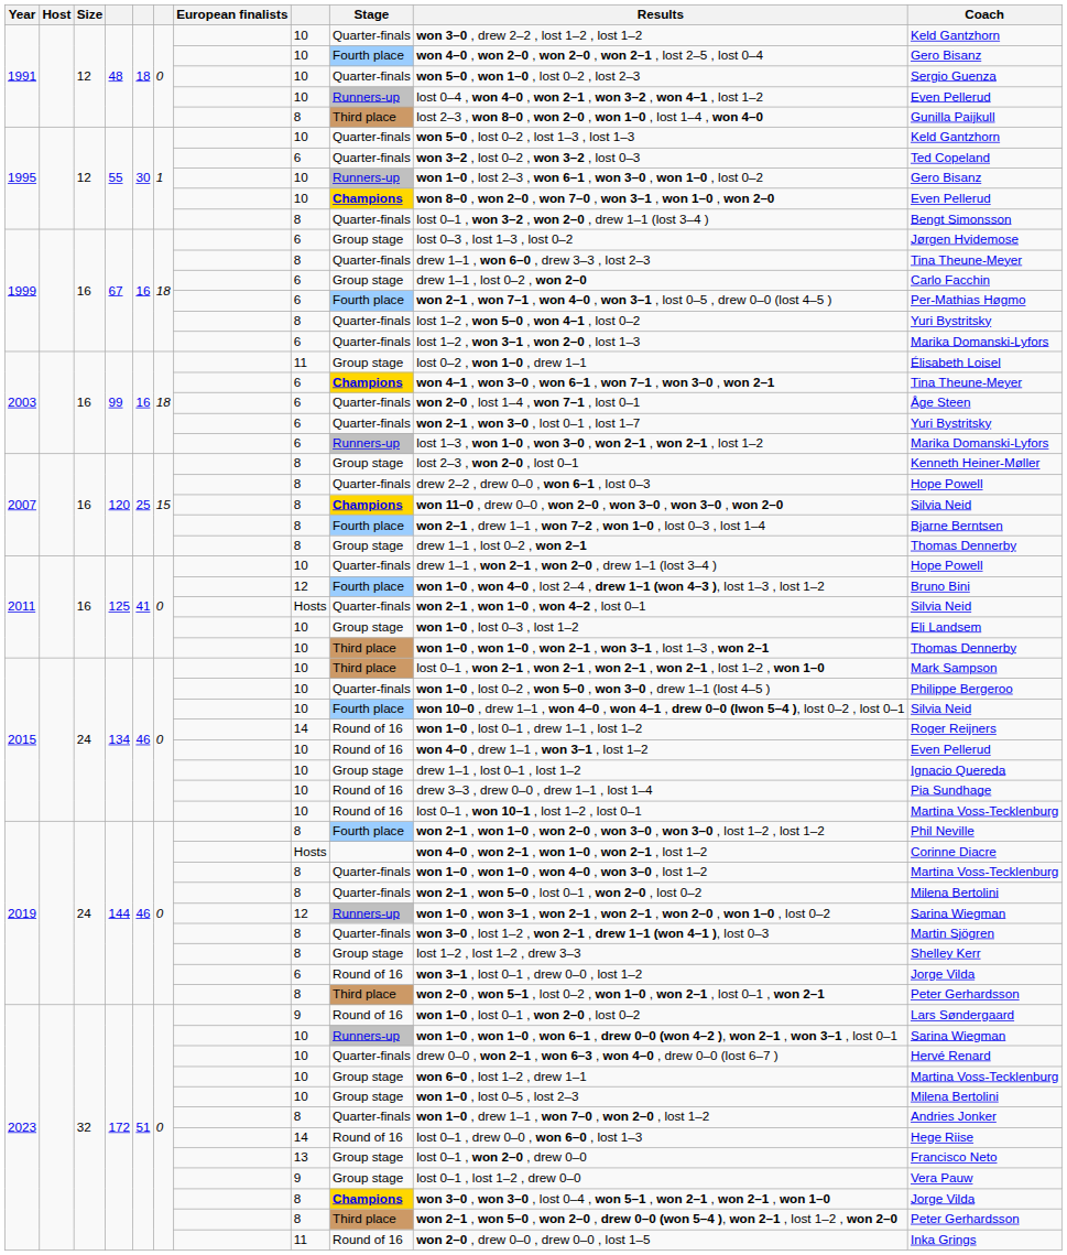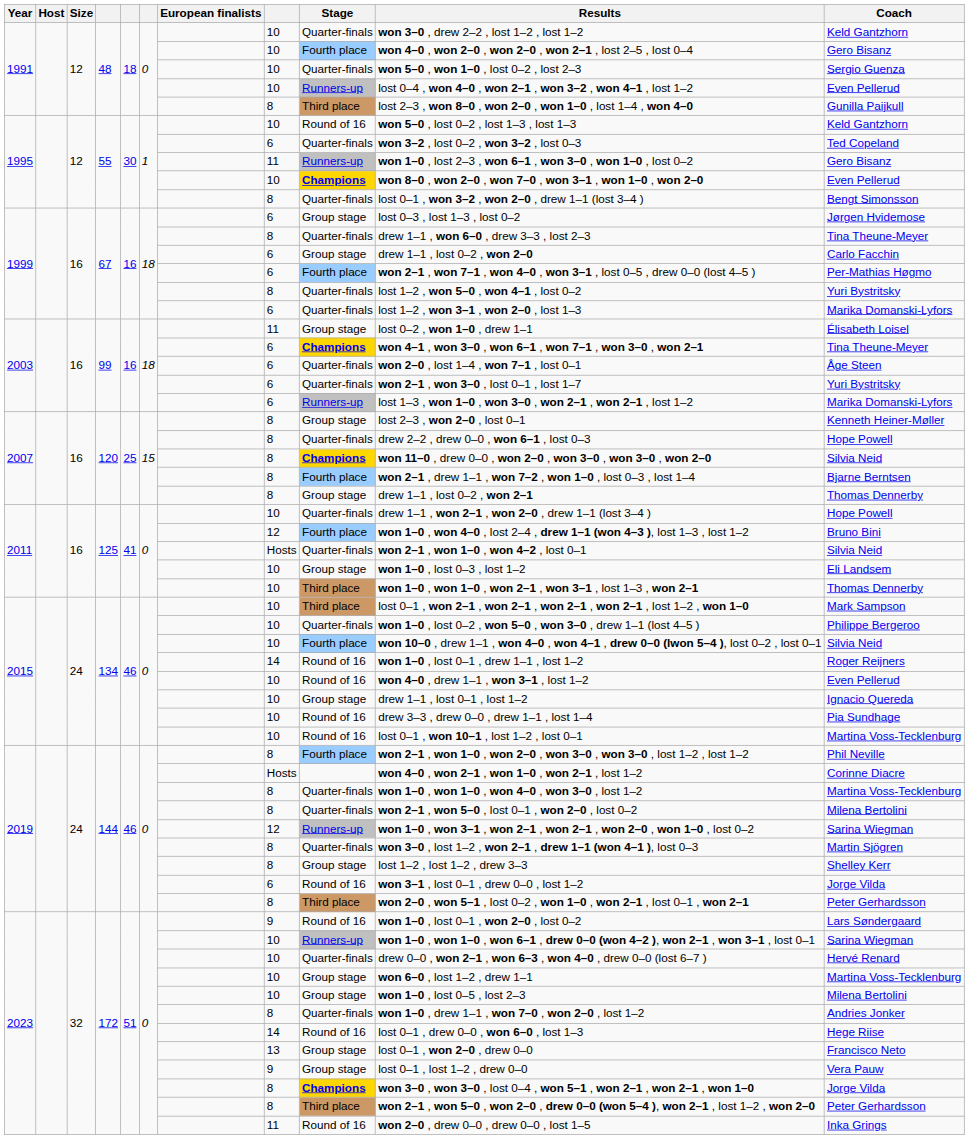 <table class="wikitable sortable"px solid black" cellpadding="2">
 <tr>
 <th>Year</th>
 <th>Host</th>
 <th>Size</th>
 <th></th>
 <th></th>
 <th></th>
 <th>European finalists</th>
 <th></th>
 <th>Stage</th>
 <th>Results</th>
 <th>Coach</th>
 </tr>
 <tr>
 <td rowspan=5><a href='#'>1991</a></td>
 <td rowspan=5><strong></strong></td>
 <td rowspan=5>12</td>
 <td rowspan=5><a href='#'>48</a></td>
 <td rowspan=5><a href='#'>18</a></td>
 <td rowspan=5><em>0</em></td>
 <td></td>
 <td>10</td>
 <td>Quarter-finals</td>
 <td><strong>won 3–0 </strong>, drew 2–2 , lost 1–2 , lost 1–2  </td>
 <td> <a href='#'>Keld Gantzhorn</a></td>
 </tr>
 <tr>
 <td></td>
 <td>10</td>
 <td bgcolor=#9acdff>Fourth place</td>
 <td><strong>won 4–0 </strong>, <strong>won 2–0 </strong>, <strong>won 2–0 </strong>, <strong>won 2–1  </strong>, lost 2–5 , lost 0–4 </td>
 <td> <a href='#'>Gero Bisanz</a></td>
 </tr>
 <tr>
 <td></td>
 <td>10</td>
 <td>Quarter-finals</td>
 <td><strong>won 5–0 </strong>, <strong>won 1–0 </strong>, lost 0–2 , lost 2–3  </td>
 <td> <a href='#'>Sergio Guenza</a></td>
 </tr>
 <tr>
 <td></td>
 <td>10</td>
 <td bgcolor=silver><a href='#'>Runners-up</a></td>
 <td>lost 0–4 , <strong>won 4–0 </strong>, <strong>won 2–1 </strong>, <strong>won 3–2  </strong>, <strong>won 4–1 </strong>, lost 1–2 </td>
 <td> <a href='#'>Even Pellerud</a></td>
 </tr>
 <tr>
 <td></td>
 <td>8</td>
 <td bgcolor=#cc9966>Third place</td>
 <td>lost 2–3 , <strong>won 8–0 </strong>, <strong>won 2–0 </strong>, <strong>won 1–0 </strong>, lost 1–4 , <strong>won 4–0 </strong></td>
 <td> <a href='#'>Gunilla Paijkull</a></td>
 </tr>
 <tr>
 <td rowspan=5><a href='#'>1995</a></td>
 <td rowspan=5><strong></strong></td>
 <td rowspan=5>12</td>
 <td rowspan=5><a href='#'>55</a></td>
 <td rowspan=5><a href='#'>30</a></td>
 <td rowspan=5><em>1</em></td>
 <td></td>
 <td>10</td>
-<td>Quarter-finals</td>
+<td>Round of 16</td>
 <td><strong>won 5–0 </strong>, lost 0–2 , lost 1–3 , lost 1–3 </td>
 <td> <a href='#'>Keld Gantzhorn</a></td>
 </tr>
 <tr>
 <td></td>
 <td>6</td>
 <td>Quarter-finals</td>
 <td><strong>won 3–2 </strong>, lost 0–2 , <strong>won 3–2 </strong>, lost 0–3 </td>
 <td> <a href='#'>Ted Copeland</a></td>
 </tr>
 <tr>
 <td></td>
-<td>10</td>
+<td>11</td>
 <td bgcolor=silver><a href='#'>Runners-up</a></td>
 <td><strong>won 1–0 </strong>, lost 2–3 , <strong>won 6–1 </strong>, <strong>won 3–0 </strong>, <strong>won 1–0 </strong>, lost 0–2 </td>
 <td> <a href='#'>Gero Bisanz</a></td>
 </tr>
 <tr>
 <td></td>
 <td>10</td>
 <td bgcolor=gold><strong><a href='#'>Champions</a></strong></td>
 <td><strong>won 8–0 </strong>, <strong>won 2–0 </strong>, <strong>won 7–0 </strong>, <strong>won 3–1 </strong>, <strong>won 1–0 </strong>, <strong>won 2–0 </strong></td>
 <td> <a href='#'>Even Pellerud</a></td>
 </tr>
 <tr>
 <td></td>
 <td>8</td>
 <td>Quarter-finals</td>
 <td>lost 0–1 , <strong>won 3–2 </strong>, <strong>won 2–0 </strong>, drew 1–1  (lost 3–4 )</td>
 <td> <a href='#'>Bengt Simonsson</a></td>
 </tr>
 <tr>
 <td rowspan=6><a href='#'>1999</a></td>
 <td rowspan=6><strong></strong></td>
 <td rowspan=6>16</td>
 <td rowspan=6><a href='#'>67</a></td>
 <td rowspan=6><a href='#'>16</a></td>
 <td rowspan=6><em>18</em></td>
 <td></td>
 <td>6</td>
 <td>Group stage</td>
 <td>lost 0–3 , lost 1–3 , lost 0–2 </td>
 <td> <a href='#'>Jørgen Hvidemose</a></td>
 </tr>
 <tr>
 <td></td>
 <td>8</td>
 <td>Quarter-finals</td>
 <td>drew 1–1 , <strong>won 6–0 </strong>, drew 3–3 , lost 2–3 </td>
 <td> <a href='#'>Tina Theune-Meyer</a></td>
 </tr>
 <tr>
 <td></td>
 <td>6</td>
 <td>Group stage</td>
 <td>drew 1–1 , lost 0–2 , <strong>won 2–0 </strong></td>
 <td> <a href='#'>Carlo Facchin</a></td>
 </tr>
 <tr>
 <td></td>
 <td>6</td>
 <td bgcolor=#9acdff>Fourth place</td>
 <td><strong>won 2–1 </strong>, <strong>won 7–1 </strong>, <strong>won 4–0 </strong>, <strong>won 3–1 </strong>, lost 0–5 , drew 0–0  (lost 4–5 )</td>
 <td> <a href='#'>Per-Mathias Høgmo</a></td>
 </tr>
 <tr>
 <td></td>
 <td>8</td>
 <td>Quarter-finals</td>
 <td>lost 1–2 , <strong>won 5–0 </strong>, <strong>won 4–1 </strong>, lost 0–2 </td>
 <td> <a href='#'>Yuri Bystritsky</a></td>
 </tr>
 <tr>
 <td></td>
 <td>6</td>
 <td>Quarter-finals</td>
 <td>lost 1–2 , <strong>won 3–1 </strong>, <strong>won 2–0 </strong>, lost 1–3 </td>
 <td> <a href='#'>Marika Domanski-Lyfors</a></td>
 </tr>
 <tr>
 <td rowspan=5><a href='#'>2003</a></td>
 <td rowspan=5><strong></strong></td>
 <td rowspan=5>16</td>
 <td rowspan=5><a href='#'>99</a></td>
 <td rowspan=5><a href='#'>16</a></td>
 <td rowspan=5><em>18</em></td>
 <td></td>
 <td>11</td>
 <td>Group stage</td>
 <td>lost 0–2 , <strong>won 1–0 </strong>, drew 1–1 </td>
 <td> <a href='#'>Élisabeth Loisel</a></td>
 </tr>
 <tr>
 <td></td>
 <td>6</td>
 <td bgcolor=gold><strong><a href='#'>Champions</a></strong></td>
 <td><strong>won 4–1 </strong>, <strong>won 3–0 </strong>, <strong>won 6–1 </strong>, <strong>won 7–1 </strong>, <strong>won 3–0 </strong>, <strong>won 2–1  </strong></td>
 <td> <a href='#'>Tina Theune-Meyer</a></td>
 </tr>
 <tr>
 <td></td>
 <td>6</td>
 <td>Quarter-finals</td>
 <td><strong>won 2–0 </strong>, lost 1–4 , <strong>won 7–1 </strong>, lost 0–1 </td>
 <td> <a href='#'>Åge Steen</a></td>
 </tr>
 <tr>
 <td></td>
 <td>6</td>
 <td>Quarter-finals</td>
 <td><strong>won 2–1 </strong>, <strong>won 3–0 </strong>, lost 0–1 , lost 1–7 </td>
 <td> <a href='#'>Yuri Bystritsky</a></td>
 </tr>
 <tr>
 <td></td>
 <td>6</td>
 <td bgcolor=silver><a href='#'>Runners-up</a></td>
 <td>lost 1–3 , <strong>won 1–0 </strong>, <strong>won 3–0 </strong>, <strong>won 2–1 </strong>, <strong>won 2–1 </strong>, lost 1–2  </td>
 <td> <a href='#'>Marika Domanski-Lyfors</a></td>
 </tr>
 <tr>
 <td rowspan=5><a href='#'>2007</a></td>
 <td rowspan=5><strong></strong></td>
 <td rowspan=5>16</td>
 <td rowspan=5><a href='#'>120</a></td>
 <td rowspan=5><a href='#'>25</a></td>
 <td rowspan=5><em>15</em></td>
 <td></td>
 <td>8</td>
 <td>Group stage</td>
 <td>lost 2–3 , <strong>won 2–0 </strong>, lost 0–1 </td>
 <td> <a href='#'>Kenneth Heiner-Møller</a></td>
 </tr>
 <tr>
 <td></td>
 <td>8</td>
 <td>Quarter-finals</td>
 <td>drew 2–2 , drew 0–0 , <strong>won 6–1 </strong>, lost 0–3 </td>
 <td> <a href='#'>Hope Powell</a></td>
 </tr>
 <tr>
 <td></td>
 <td>8</td>
 <td bgcolor=gold><strong><a href='#'>Champions</a></strong></td>
 <td><strong>won 11–0 </strong>, drew 0–0 , <strong>won 2–0 </strong>, <strong>won 3–0 </strong>, <strong>won 3–0 </strong>, <strong>won 2–0 </strong></td>
 <td> <a href='#'>Silvia Neid</a></td>
 </tr>
 <tr>
 <td></td>
 <td>8</td>
 <td bgcolor=#9acdff>Fourth place</td>
 <td><strong>won 2–1 </strong>, drew 1–1 , <strong>won 7–2 </strong>, <strong>won 1–0 </strong>, lost 0–3 , lost 1–4 </td>
 <td> <a href='#'>Bjarne Berntsen</a></td>
 </tr>
 <tr>
 <td></td>
 <td>8</td>
 <td>Group stage</td>
 <td>drew 1–1 , lost 0–2 , <strong>won 2–1 </strong></td>
 <td> <a href='#'>Thomas Dennerby</a></td>
 </tr>
 <tr>
 <td rowspan=5><a href='#'>2011</a></td>
 <td rowspan=5><strong></strong></td>
 <td rowspan=5>16</td>
 <td rowspan=5><a href='#'>125</a></td>
 <td rowspan=5><a href='#'>41</a></td>
 <td rowspan=5><em>0</em></td>
 <td></td>
 <td>10</td>
 <td>Quarter-finals</td>
 <td>drew 1–1 , <strong>won 2–1 </strong>, <strong>won 2–0 </strong>, drew 1–1  (lost 3–4 )</td>
 <td> <a href='#'>Hope Powell</a></td>
 </tr>
 <tr>
 <td></td>
 <td>12</td>
 <td bgcolor=#9acdff>Fourth place</td>
 <td><strong>won 1–0 </strong>, <strong>won 4–0 </strong>, lost 2–4 , <strong>drew 1–1  (won 4–3 )</strong>, lost 1–3 , lost 1–2 </td>
 <td> <a href='#'>Bruno Bini</a></td>
 </tr>
 <tr>
 <td></td>
 <td>Hosts</td>
 <td>Quarter-finals</td>
 <td><strong>won 2–1 </strong>, <strong>won 1–0 </strong>, <strong>won 4–2 </strong>, lost 0–1  </td>
 <td> <a href='#'>Silvia Neid</a></td>
 </tr>
 <tr>
 <td></td>
 <td>10</td>
 <td>Group stage</td>
 <td><strong>won 1–0 </strong>, lost 0–3 , lost 1–2 </td>
 <td> <a href='#'>Eli Landsem</a></td>
 </tr>
 <tr>
 <td></td>
 <td>10</td>
 <td bgcolor=#cc9966>Third place</td>
 <td><strong>won 1–0 </strong>, <strong>won 1–0 </strong>, <strong>won 2–1 </strong>, <strong>won 3–1 </strong>, lost 1–3 , <strong>won 2–1 </strong></td>
 <td> <a href='#'>Thomas Dennerby</a></td>
 </tr>
 <tr>
 <td rowspan=8><a href='#'>2015</a></td>
 <td rowspan=8><strong></strong></td>
 <td rowspan=8>24</td>
 <td rowspan=8><a href='#'>134</a></td>
 <td rowspan=8><a href='#'>46</a></td>
 <td rowspan=8><em>0</em></td>
 <td></td>
 <td>10</td>
 <td bgcolor=#cc9966>Third place</td>
 <td>lost 0–1 , <strong>won 2–1 </strong>, <strong>won 2–1 </strong>, <strong>won 2–1 </strong>, <strong>won 2–1 </strong>, lost 1–2 , <strong>won 1–0  </strong></td>
 <td> <a href='#'>Mark Sampson</a></td>
 </tr>
 <tr>
 <td></td>
 <td>10</td>
 <td>Quarter-finals</td>
 <td><strong>won 1–0 </strong>, lost 0–2 , <strong>won 5–0 </strong>, <strong>won 3–0 </strong>, drew 1–1  (lost 4–5 )</td>
 <td> <a href='#'>Philippe Bergeroo</a></td>
 </tr>
 <tr>
 <td></td>
 <td>10</td>
 <td bgcolor=#9acdff>Fourth place</td>
 <td><strong>won 10–0 </strong>, drew 1–1 , <strong>won 4–0 </strong>, <strong>won 4–1 </strong>, <strong>drew 0–0  (lwon 5–4 )</strong>, lost 0–2 , lost 0–1  </td>
 <td> <a href='#'>Silvia Neid</a></td>
 </tr>
 <tr>
 <td></td>
 <td>14</td>
 <td>Round of 16</td>
 <td><strong>won 1–0 </strong>, lost 0–1 , drew 1–1 , lost 1–2 </td>
 <td> <a href='#'>Roger Reijners</a></td>
 </tr>
 <tr>
 <td></td>
 <td>10</td>
 <td>Round of 16</td>
 <td><strong>won 4–0 </strong>, drew 1–1 , <strong>won 3–1 </strong>, lost 1–2 </td>
 <td> <a href='#'>Even Pellerud</a></td>
 </tr>
 <tr>
 <td></td>
 <td>10</td>
 <td>Group stage</td>
 <td>drew 1–1 , lost 0–1 , lost 1–2 </td>
 <td> <a href='#'>Ignacio Quereda</a></td>
 </tr>
 <tr>
 <td></td>
 <td>10</td>
 <td>Round of 16</td>
 <td>drew 3–3 , drew 0–0 , drew 1–1 , lost 1–4 </td>
 <td> <a href='#'>Pia Sundhage</a></td>
 </tr>
 <tr>
 <td></td>
 <td>10</td>
 <td>Round of 16</td>
 <td>lost 0–1 , <strong>won 10–1 </strong>, lost 1–2 , lost 0–1 </td>
 <td> <a href='#'>Martina Voss-Tecklenburg</a></td>
 </tr>
 <tr>
 <td rowspan=9><a href='#'>2019</a></td>
 <td rowspan=9><strong></strong></td>
 <td rowspan=9>24</td>
 <td rowspan=9><a href='#'>144</a></td>
 <td rowspan=9><a href='#'>46</a></td>
 <td rowspan=9><em>0</em></td>
 <td></td>
 <td>8</td>
 <td bgcolor=#9acdff>Fourth place</td>
 <td><strong>won 2–1 </strong>, <strong>won 1–0 </strong>, <strong>won 2–0 </strong>, <strong>won 3–0 </strong>, <strong>won 3–0 </strong>, lost 1–2 , lost 1–2 </td>
 <td> <a href='#'>Phil Neville</a></td>
 </tr>
 <tr>
 <td></td>
 <td>Hosts</td>
 <td></td>
 <td><strong>won 4–0 </strong>, <strong>won 2–1 </strong>, <strong>won 1–0 </strong>, <strong>won 2–1  </strong>, lost 1–2 </td>
 <td> <a href='#'>Corinne Diacre</a></td>
 </tr>
 <tr>
 <td></td>
 <td>8</td>
 <td>Quarter-finals</td>
 <td><strong>won 1–0 </strong>, <strong>won 1–0 </strong>, <strong>won 4–0 </strong>, <strong>won 3–0 </strong>, lost 1–2 </td>
 <td> <a href='#'>Martina Voss-Tecklenburg</a></td>
 </tr>
 <tr>
 <td></td>
 <td>8</td>
 <td>Quarter-finals</td>
 <td><strong>won 2–1 </strong>, <strong>won 5–0 </strong>, lost 0–1 , <strong>won 2–0 </strong>, lost 0–2 </td>
 <td> <a href='#'>Milena Bertolini</a></td>
 </tr>
 <tr>
 <td></td>
 <td>12</td>
 <td bgcolor=silver><a href='#'>Runners-up</a></td>
 <td><strong>won 1–0 </strong>, <strong>won 3–1 </strong>, <strong>won 2–1 </strong>, <strong>won 2–1 </strong>, <strong>won 2–0 </strong>, <strong>won 1–0  </strong>, lost 0–2 </td>
 <td> <a href='#'>Sarina Wiegman</a></td>
 </tr>
 <tr>
 <td></td>
 <td>8</td>
 <td>Quarter-finals</td>
 <td><strong>won 3–0 </strong>, lost 1–2 , <strong>won 2–1 </strong>, <strong>drew 1–1  (won 4–1 )</strong>, lost 0–3 </td>
 <td> <a href='#'>Martin Sjögren</a></td>
 </tr>
 <tr>
 <td></td>
 <td>8</td>
 <td>Group stage</td>
 <td>lost 1–2 , lost 1–2 , drew 3–3 </td>
 <td> <a href='#'>Shelley Kerr</a></td>
 </tr>
 <tr>
 <td></td>
 <td>6</td>
 <td>Round of 16</td>
 <td><strong>won 3–1 </strong>, lost 0–1 , drew 0–0 , lost 1–2 </td>
 <td> <a href='#'>Jorge Vilda</a></td>
 </tr>
 <tr>
 <td></td>
 <td>8</td>
 <td bgcolor=#cc9966>Third place</td>
 <td><strong>won 2–0 </strong>, <strong>won 5–1 </strong>, lost 0–2 , <strong>won 1–0 </strong>, <strong>won 2–1 </strong>, lost 0–1  , <strong>won 2–1 </strong></td>
 <td> <a href='#'>Peter Gerhardsson</a></td>
 </tr>
 <tr>
 <td rowspan=12><a href='#'>2023</a></td>
 <td rowspan=12><strong><br></strong></td>
 <td rowspan=12>32</td>
 <td rowspan=12><a href='#'>172</a></td>
 <td rowspan=12><a href='#'>51</a></td>
 <td rowspan=12><em>0</em></td>
 <td></td>
 <td>9</td>
 <td>Round of 16</td>
 <td><strong>won 1–0 </strong>, lost 0–1 , <strong>won 2–0 </strong>, lost 0–2 </td>
 <td> <a href='#'>Lars Søndergaard</a></td>
 </tr>
 <tr>
 <td></td>
 <td>10</td>
 <td bgcolor=silver><a href='#'>Runners-up</a></td>
 <td><strong>won 1–0 </strong>, <strong>won 1–0 </strong>, <strong>won 6–1 </strong>, <strong>drew 0–0  (won 4–2 )</strong>, <strong>won 2–1 </strong>, <strong>won 3–1 </strong>, lost 0–1 </td>
 <td> <a href='#'>Sarina Wiegman</a></td>
 </tr>
 <tr>
 <td></td>
 <td>10</td>
 <td>Quarter-finals</td>
 <td>drew 0–0 , <strong>won 2–1 </strong>, <strong>won 6–3 </strong>, <strong>won 4–0 </strong>, drew 0–0  (lost 6–7 )</td>
 <td> <a href='#'>Hervé Renard</a></td>
 </tr>
 <tr>
 <td></td>
 <td>10</td>
 <td>Group stage</td>
 <td><strong>won 6–0 </strong>, lost 1–2 , drew 1–1 </td>
 <td> <a href='#'>Martina Voss-Tecklenburg</a></td>
 </tr>
 <tr>
 <td></td>
 <td>10</td>
 <td>Group stage</td>
 <td><strong>won 1–0 </strong>, lost 0–5 , lost 2–3 </td>
 <td> <a href='#'>Milena Bertolini</a></td>
 </tr>
 <tr>
 <td></td>
 <td>8</td>
 <td>Quarter-finals</td>
 <td><strong>won 1–0 </strong>, drew 1–1 , <strong>won 7–0 </strong>, <strong>won 2–0 </strong>, lost 1–2  </td>
 <td> <a href='#'>Andries Jonker</a></td>
 </tr>
 <tr>
 <td></td>
 <td>14</td>
 <td>Round of 16</td>
 <td>lost 0–1 , drew 0–0 , <strong>won 6–0 </strong>, lost 1–3 </td>
 <td> <a href='#'>Hege Riise</a></td>
 </tr>
 <tr>
 <td></td>
 <td>13</td>
 <td>Group stage</td>
 <td>lost 0–1 , <strong>won 2–0 </strong>, drew 0–0 </td>
 <td> <a href='#'>Francisco Neto</a></td>
 </tr>
 <tr>
 <td></td>
 <td>9</td>
 <td>Group stage</td>
 <td>lost 0–1 , lost 1–2 , drew 0–0 </td>
 <td> <a href='#'>Vera Pauw</a></td>
 </tr>
 <tr>
 <td></td>
 <td>8</td>
 <td bgcolor=gold><strong><a href='#'>Champions</a></strong></td>
 <td><strong>won 3–0 </strong>, <strong>won 3–0 </strong>, lost 0–4 , <strong>won 5–1 </strong>, <strong>won 2–1  </strong>, <strong>won 2–1 </strong>, <strong>won 1–0 </strong></td>
 <td> <a href='#'>Jorge Vilda</a></td>
 </tr>
 <tr>
 <td></td>
 <td>8</td>
 <td bgcolor=#cc9966>Third place</td>
 <td><strong>won 2–1 </strong>, <strong>won 5–0 </strong>, <strong>won 2–0 </strong>, <strong>drew 0–0  (won 5–4 )</strong>, <strong>won 2–1 </strong>, lost 1–2 , <strong>won 2–0 </strong></td>
 <td> <a href='#'>Peter Gerhardsson</a></td>
 </tr>
 <tr>
 <td></td>
 <td>11</td>
 <td>Round of 16</td>
 <td><strong>won 2–0 </strong>, drew 0–0 , drew 0–0 , lost 1–5 </td>
 <td> <a href='#'>Inka Grings</a></td>
 </tr>
 </table>
